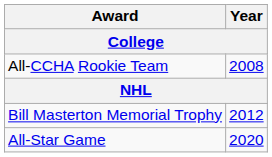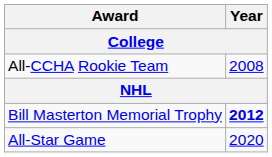 <table class="wikitable">
 <tr>
 <th>Award</th>
 <th>Year</th>
 </tr>
 <tr>
 <th colspan="3"><a href='#'>College</a></th>
 </tr>
 <tr>
 <td>All-<a href='#'>CCHA</a> <a href='#'>Rookie Team</a></td>
 <td><a href='#'>2008</a></td>
 </tr>
 <tr>
 <th colspan="3"><a href='#'>NHL</a></th>
 </tr>
 <tr>
 <td><a href='#'>Bill Masterton Memorial Trophy</a></td>
-<td><a href='#'>2012</a></td>
+<td><strong><a href='#'>2012</a></strong></td>
 </tr>
 <tr>
 <td><a href='#'>All-Star Game</a></td>
 <td><a href='#'>2020</a></td>
 </tr>
 </table>
